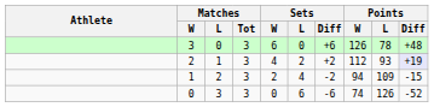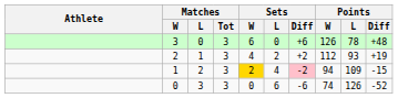 <table class=wikitable style="text-align:center">
 <tr>
 <th rowspan=2 width=220>Athlete</th>
 <th colspan=3 width=90>Matches</th>
 <th colspan=3 width=90>Sets</th>
 <th colspan=3 width=90>Points</th>
 </tr>
 <tr>
 <th width=30>W</th>
 <th width=30>L</th>
 <th width=30>Tot</th>
 <th width=30>W</th>
 <th width=30>L</th>
 <th width=30>Diff</th>
 <th width=30>W</th>
 <th width=30>L</th>
 <th width=30>Diff</th>
 </tr>
 <tr bgcolor=ccffcc>
 <td style="text-align:left"></td>
 <td>3</td>
 <td>0</td>
 <td>3</td>
 <td>6</td>
 <td>0</td>
 <td>+6</td>
 <td>126</td>
 <td>78</td>
 <td>+48</td>
 </tr>
 <tr>
 <td style="text-align:left"></td>
 <td>2</td>
 <td>1</td>
 <td>3</td>
 <td>4</td>
 <td>2</td>
 <td>+2</td>
 <td>112</td>
 <td>93</td>
-<td style="background: lavender;">+19</td>
+<td>+19</td>
 </tr>
 <tr>
 <td style="text-align:left"></td>
 <td>1</td>
 <td>2</td>
 <td>3</td>
-<td>2</td>
+<td style="background: gold;">2</td>
 <td>4</td>
-<td>-2</td>
+<td style="background: pink;">-2</td>
 <td>94</td>
 <td>109</td>
 <td>-15</td>
 </tr>
 <tr>
 <td style="text-align:left"></td>
 <td>0</td>
 <td>3</td>
 <td>3</td>
 <td>0</td>
 <td>6</td>
 <td>-6</td>
 <td>74</td>
 <td>126</td>
 <td>-52</td>
 </tr>
 </table>
